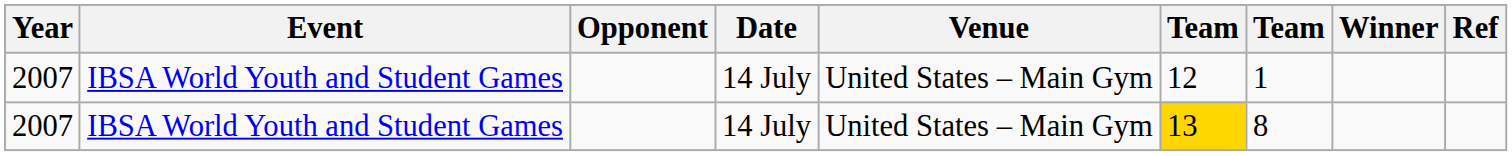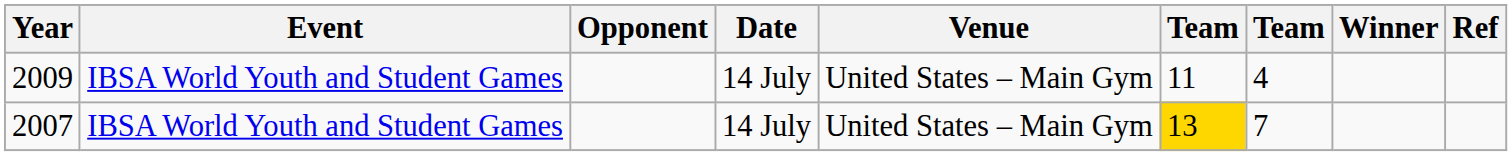 <table class="wikitable">
 <tr>
 <th>Year</th>
 <th>Event</th>
 <th>Opponent</th>
 <th>Date</th>
 <th>Venue</th>
 <th>Team</th>
 <th>Team</th>
 <th>Winner</th>
 <th>Ref</th>
 </tr>
 <tr --->
-<td>2007</td>
+<td>2009</td>
 <td><a href='#'>IBSA World Youth and Student Games</a></td>
 <td></td>
 <td>14 July</td>
 <td>United States – Main Gym</td>
-<td>12</td>
-<td>1</td>
+<td>11</td>
+<td>4</td>
 <td></td>
 <td></td>
 </tr>
 <tr --->
 <td>2007</td>
 <td><a href='#'>IBSA World Youth and Student Games</a></td>
 <td></td>
 <td>14 July</td>
 <td>United States – Main Gym</td>
 <td style="background: gold;">13</td>
-<td>8</td>
+<td>7</td>
 <td></td>
 <td></td>
 </tr>
 </table>
